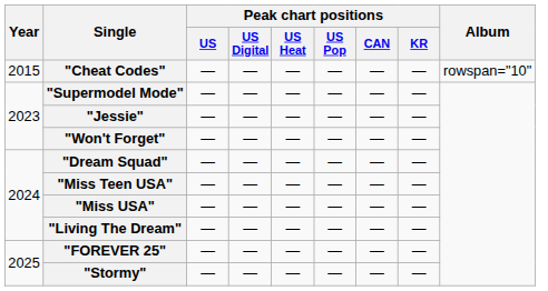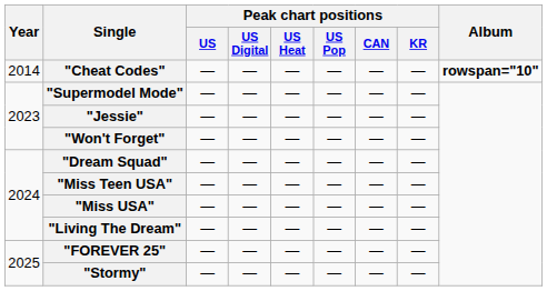 <table class="wikitable plainrowheaders" style="text-align:center;">
 <tr>
 <th scope="col" rowspan="2">Year</th>
 <th scope="col" rowspan="2">Single</th>
 <th scope="col" colspan="6">Peak chart positions</th>
 <th scope="col" rowspan="2">Album</th>
 </tr>
 <tr>
 <th scope="col" style="width:3em;font-size:85%;"><a href='#'>US</a></th>
 <th scope="col" style="width:3em;font-size:85%;"><a href='#'>US<br>Digital</a></th>
 <th scope="col" style="width:3em;font-size:85%;"><a href='#'>US<br>Heat</a></th>
 <th scope="col" style="width:3em;font-size:85%;"><a href='#'>US<br>Pop</a></th>
 <th scope="col" style="width:3em;font-size:85%;"><a href='#'>CAN</a></th>
 <th scope="col" style="width:3em;font-size:85%;"><a href='#'>KR</a></th>
 </tr>
 <tr>
-<td>2015</td>
+<td>2014</td>
 <th scope="row">"Cheat Codes"<br></th>
 <td>—</td>
 <td>—</td>
 <td>—</td>
 <td>—</td>
 <td>—</td>
 <td>—</td>
-<td>rowspan="10" </td>
+<td><strong>rowspan="10" </strong></td>
 </tr>
 <tr>
 <td rowspan="3">2023</td>
 <th scope="row">"Supermodel Mode"<br></th>
 <td>—</td>
 <td>—</td>
 <td>—</td>
 <td>—</td>
 <td>—</td>
 <td>—</td>
 </tr>
 <tr>
 <th scope="row">"Jessie"<br></th>
 <td>—</td>
 <td>—</td>
 <td>—</td>
 <td>—</td>
 <td>—</td>
 <td>—</td>
 </tr>
 <tr>
 <th scope="row">"Won't Forget"<br></th>
 <td>—</td>
 <td>—</td>
 <td>—</td>
 <td>—</td>
 <td>—</td>
 <td>—</td>
 </tr>
 <tr>
 <td rowspan="4">2024</td>
 <th scope="row">"Dream Squad"<br></th>
 <td>—</td>
 <td>—</td>
 <td>—</td>
 <td>—</td>
 <td>—</td>
 <td>—</td>
 </tr>
 <tr>
 <th scope="row">"Miss Teen USA"<br></th>
 <td>—</td>
 <td>—</td>
 <td>—</td>
 <td>—</td>
 <td>—</td>
 <td>—</td>
 </tr>
 <tr>
 <th scope="row">"Miss USA"<br></th>
 <td>—</td>
 <td>—</td>
 <td>—</td>
 <td>—</td>
 <td>—</td>
 <td>—</td>
 </tr>
 <tr>
 <th scope="row">"Living The Dream"<br></th>
 <td>—</td>
 <td>—</td>
 <td>—</td>
 <td>—</td>
 <td>—</td>
 <td>—</td>
 </tr>
 <tr>
 <td rowspan="2">2025</td>
 <th scope="row">"FOREVER 25"<br></th>
 <td>—</td>
 <td>—</td>
 <td>—</td>
 <td>—</td>
 <td>—</td>
 <td>—</td>
 </tr>
 <tr>
 <th scope="row">"Stormy"<br></th>
 <td>—</td>
 <td>—</td>
 <td>—</td>
 <td>—</td>
 <td>—</td>
 <td>—</td>
 </tr>
 </table>
